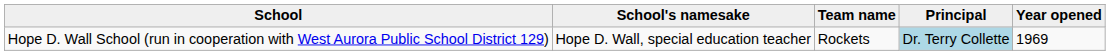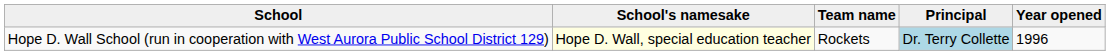 <table class="wikitable">
 <tr>
 <th style="background:#efefef;">School</th>
 <th style="background:#efefef;">School's namesake</th>
 <th style="background:#efefef;">Team name</th>
 <th style="background:#efefef;">Principal</th>
 <th style="background:#efefef;">Year opened</th>
 </tr>
 <tr>
 <td>Hope D. Wall School (run in cooperation with <a href='#'>West Aurora Public School District 129</a>)</td>
-<td>Hope D. Wall, special education teacher</td>
+<td style="background: lightyellow;">Hope D. Wall, special education teacher</td>
 <td>Rockets</td>
 <td style="background: lightblue;">Dr. Terry Collette</td>
-<td>1969</td>
+<td>1996</td>
 </tr>
 </table>
